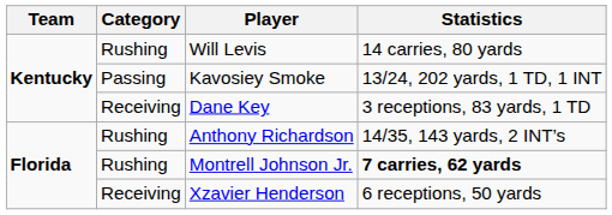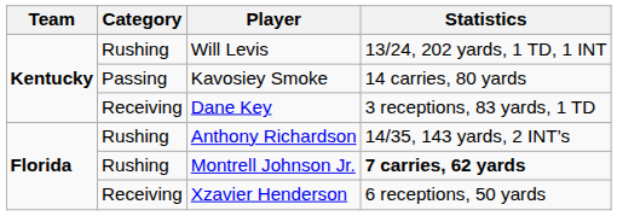 <table class="wikitable" style="float: right;">
 <tr>
 <th>Team</th>
 <th>Category</th>
 <th>Player</th>
 <th>Statistics</th>
 </tr>
 <tr>
 <td rowspan=3><strong>Kentucky</strong></td>
 <td>Rushing</td>
 <td>Will Levis</td>
-<td>14 carries, 80 yards</td>
+<td>13/24, 202 yards, 1 TD, 1 INT</td>
 </tr>
 <tr>
 <td>Passing</td>
 <td>Kavosiey Smoke</td>
-<td>13/24, 202 yards, 1 TD, 1 INT</td>
+<td>14 carries, 80 yards</td>
 </tr>
 <tr>
 <td>Receiving</td>
 <td><a href='#'>Dane Key</a></td>
 <td>3 receptions, 83 yards, 1 TD</td>
 </tr>
 <tr>
 <td rowspan=3><strong>Florida</strong></td>
 <td>Rushing</td>
 <td><a href='#'>Anthony Richardson</a></td>
 <td>14/35, 143 yards, 2 INT’s</td>
 </tr>
 <tr>
 <td>Rushing</td>
 <td><a href='#'>Montrell Johnson Jr.</a></td>
 <td><strong>7 carries, 62 yards</strong></td>
 </tr>
 <tr>
 <td>Receiving</td>
 <td><a href='#'>Xzavier Henderson</a></td>
 <td>6 receptions, 50 yards</td>
 </tr>
 </table>
